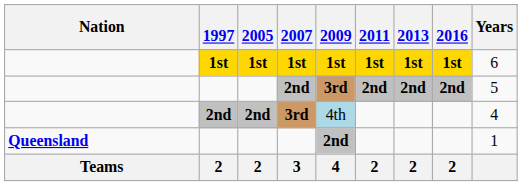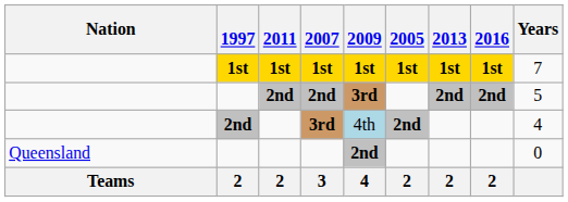 <table class="wikitable" style="text-align:center; font-size:90%">
 <tr>
 <th width=170>Nation</th>
 <th><br><a href='#'>1997</a></th>
-<th><br><a href='#'>2005</a></th>
+<th><br><a href='#'>2011</a></th>
 <th><br><a href='#'>2007</a></th>
 <th><br><a href='#'>2009</a></th>
-<th><br><a href='#'>2011</a></th>
+<th><br><a href='#'>2005</a></th>
 <th><br><a href='#'>2013</a></th>
 <th><br><a href='#'>2016</a></th>
 <th>Years</th>
 </tr>
 <tr>
 <td align=left></td>
 <td bgcolor=gold><strong>1st</strong></td>
 <td bgcolor=gold><strong>1st</strong></td>
 <td bgcolor=gold><strong>1st</strong></td>
 <td bgcolor=gold><strong>1st</strong></td>
 <td bgcolor=gold><strong>1st</strong></td>
 <td bgcolor=gold><strong>1st</strong></td>
 <td bgcolor=gold><strong>1st</strong></td>
-<td>6</td>
+<td>7</td>
 </tr>
 <tr>
 <td align=left></td>
 <td></td>
-<td></td>
+<td bgcolor=silver><strong>2nd</strong></td>
 <td bgcolor=silver><strong>2nd</strong></td>
 <td bgcolor=#cc9966><strong>3rd</strong></td>
-<td bgcolor=silver><strong>2nd</strong></td>
+<td></td>
 <td bgcolor=silver><strong>2nd</strong></td>
 <td bgcolor=silver><strong>2nd</strong></td>
 <td>5</td>
 </tr>
 <tr>
 <td align=left></td>
 <td bgcolor=silver><strong>2nd</strong></td>
-<td bgcolor=silver><strong>2nd</strong></td>
+<td></td>
 <td bgcolor=#cc9966><strong>3rd</strong></td>
 <td style="background: lightblue;">4th</td>
-<td></td>
+<td bgcolor=silver><strong>2nd</strong></td>
 <td></td>
 <td></td>
 <td>4</td>
 </tr>
 <tr>
-<td align=left><strong> <a href='#'>Queensland</a></strong></td>
+<td align=left> <a href='#'>Queensland</a></td>
 <td></td>
 <td></td>
 <td></td>
 <td bgcolor=silver><strong>2nd</strong></td>
 <td></td>
 <td></td>
 <td></td>
-<td>1</td>
+<td>0</td>
 </tr>
 <tr>
 <th>Teams</th>
 <th>2</th>
 <th>2</th>
 <th>3</th>
 <th>4</th>
 <th>2</th>
 <th>2</th>
 <th>2</th>
 <th></th>
 </tr>
 </table>
